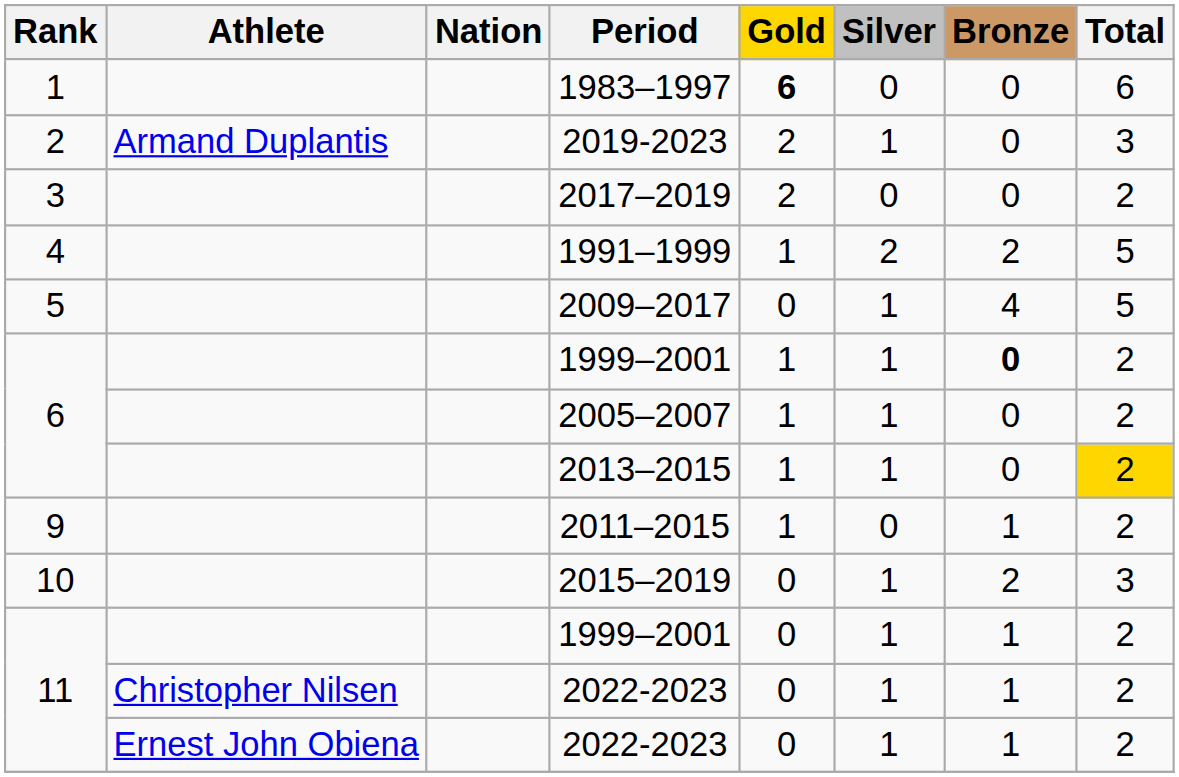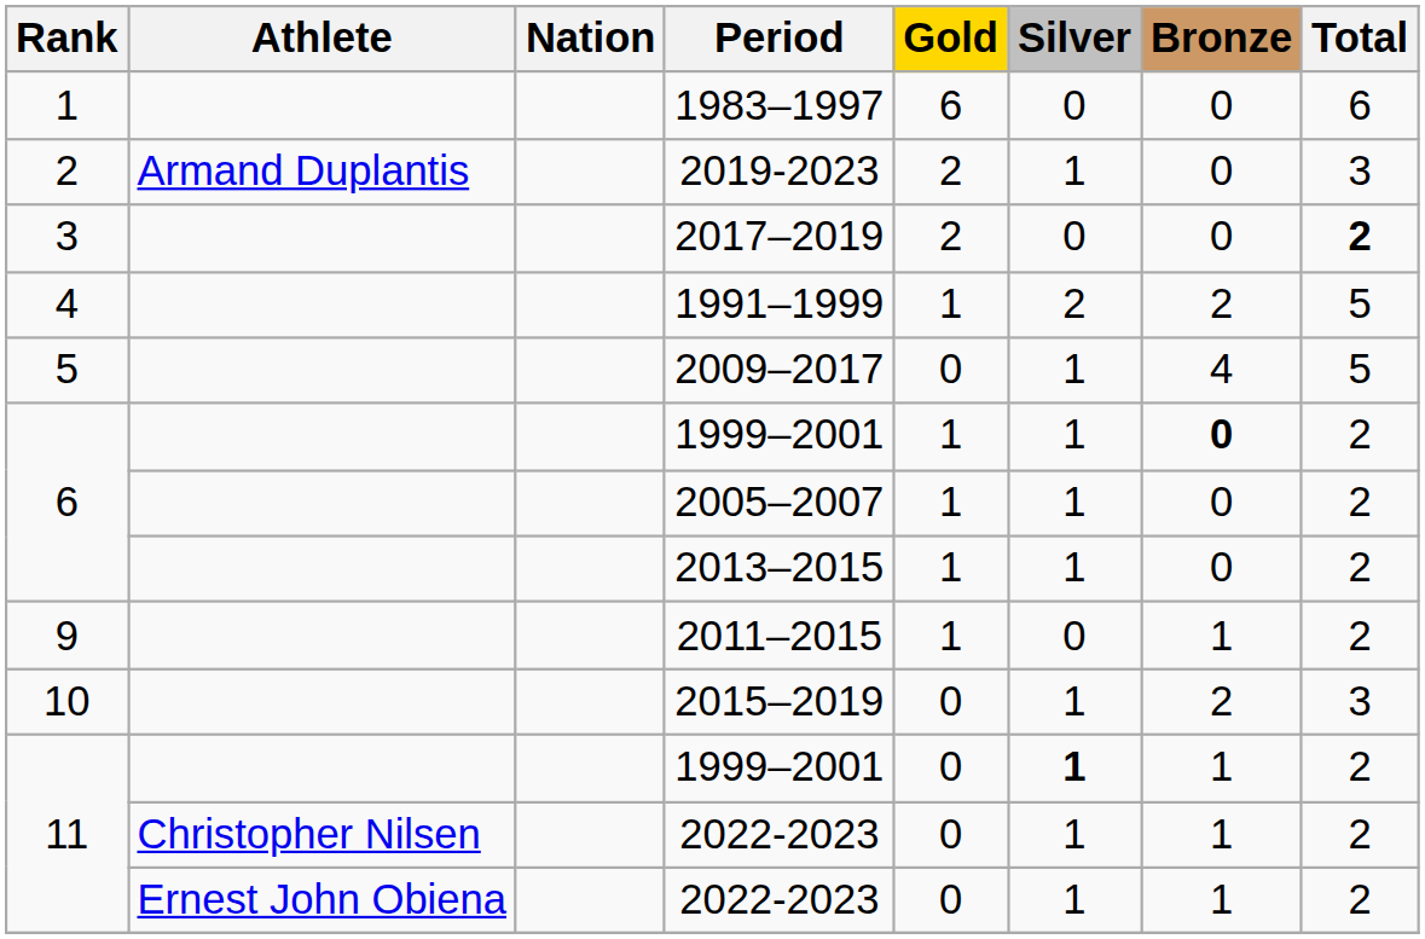 <table class="wikitable sortable" style="text-align:center">
 <tr>
 <th class="unsortable">Rank</th>
 <th>Athlete</th>
 <th>Nation</th>
 <th>Period</th>
 <th style="background-color:gold">Gold</th>
 <th style="background-color:silver">Silver</th>
 <th style="background-color:#cc9966">Bronze</th>
 <th>Total</th>
 </tr>
 <tr>
 <td>1</td>
 <td align=left></td>
 <td align=left><br></td>
 <td>1983–1997</td>
-<td><strong>6</strong></td>
+<td>6</td>
 <td>0</td>
 <td>0</td>
 <td>6</td>
 </tr>
 <tr>
 <td>2</td>
 <td align="left"><a href='#'>Armand Duplantis</a></td>
 <td align="left"></td>
 <td>2019-2023</td>
 <td>2</td>
 <td>1</td>
 <td>0</td>
 <td>3</td>
 </tr>
 <tr>
 <td>3</td>
 <td align="left"></td>
 <td align="left"></td>
 <td>2017–2019</td>
 <td>2</td>
 <td>0</td>
 <td>0</td>
-<td>2</td>
+<td><strong>2</strong></td>
 </tr>
 <tr>
 <td>4</td>
 <td align="left"></td>
 <td align="left"></td>
 <td>1991–1999</td>
 <td>1</td>
 <td>2</td>
 <td>2</td>
 <td>5</td>
 </tr>
 <tr>
 <td>5</td>
 <td align="left"></td>
 <td align="left"></td>
 <td>2009–2017</td>
 <td>0</td>
 <td>1</td>
 <td>4</td>
 <td>5</td>
 </tr>
 <tr>
 <td rowspan="3">6</td>
 <td align="left"></td>
 <td align="left"></td>
 <td>1999–2001</td>
 <td>1</td>
 <td>1</td>
 <td><strong>0</strong></td>
 <td>2</td>
 </tr>
 <tr>
 <td align="left"></td>
 <td align="left"></td>
 <td>2005–2007</td>
 <td>1</td>
 <td>1</td>
 <td>0</td>
 <td>2</td>
 </tr>
 <tr>
 <td align="left"></td>
 <td align="left"></td>
 <td>2013–2015</td>
 <td>1</td>
 <td>1</td>
 <td>0</td>
-<td style="background: gold;">2</td>
+<td>2</td>
 </tr>
 <tr>
 <td>9</td>
 <td align="left"></td>
 <td align="left"></td>
 <td>2011–2015</td>
 <td>1</td>
 <td>0</td>
 <td>1</td>
 <td>2</td>
 </tr>
 <tr>
 <td>10</td>
 <td align="left"></td>
 <td align="left"></td>
 <td>2015–2019</td>
 <td>0</td>
 <td>1</td>
 <td>2</td>
 <td>3</td>
 </tr>
 <tr>
 <td rowspan="3">11</td>
 <td align="left"></td>
 <td align="left"></td>
 <td>1999–2001</td>
 <td>0</td>
-<td>1</td>
+<td><strong>1</strong></td>
 <td>1</td>
 <td>2</td>
 </tr>
 <tr>
 <td align=left><a href='#'>Christopher Nilsen</a></td>
 <td align=left></td>
 <td>2022-2023</td>
 <td>0</td>
 <td>1</td>
 <td>1</td>
 <td>2</td>
 </tr>
 <tr>
 <td align=left><a href='#'>Ernest John Obiena</a></td>
 <td align=left></td>
 <td>2022-2023</td>
 <td>0</td>
 <td>1</td>
 <td>1</td>
 <td>2</td>
 </tr>
 <tr>
 </tr>
 </table>
